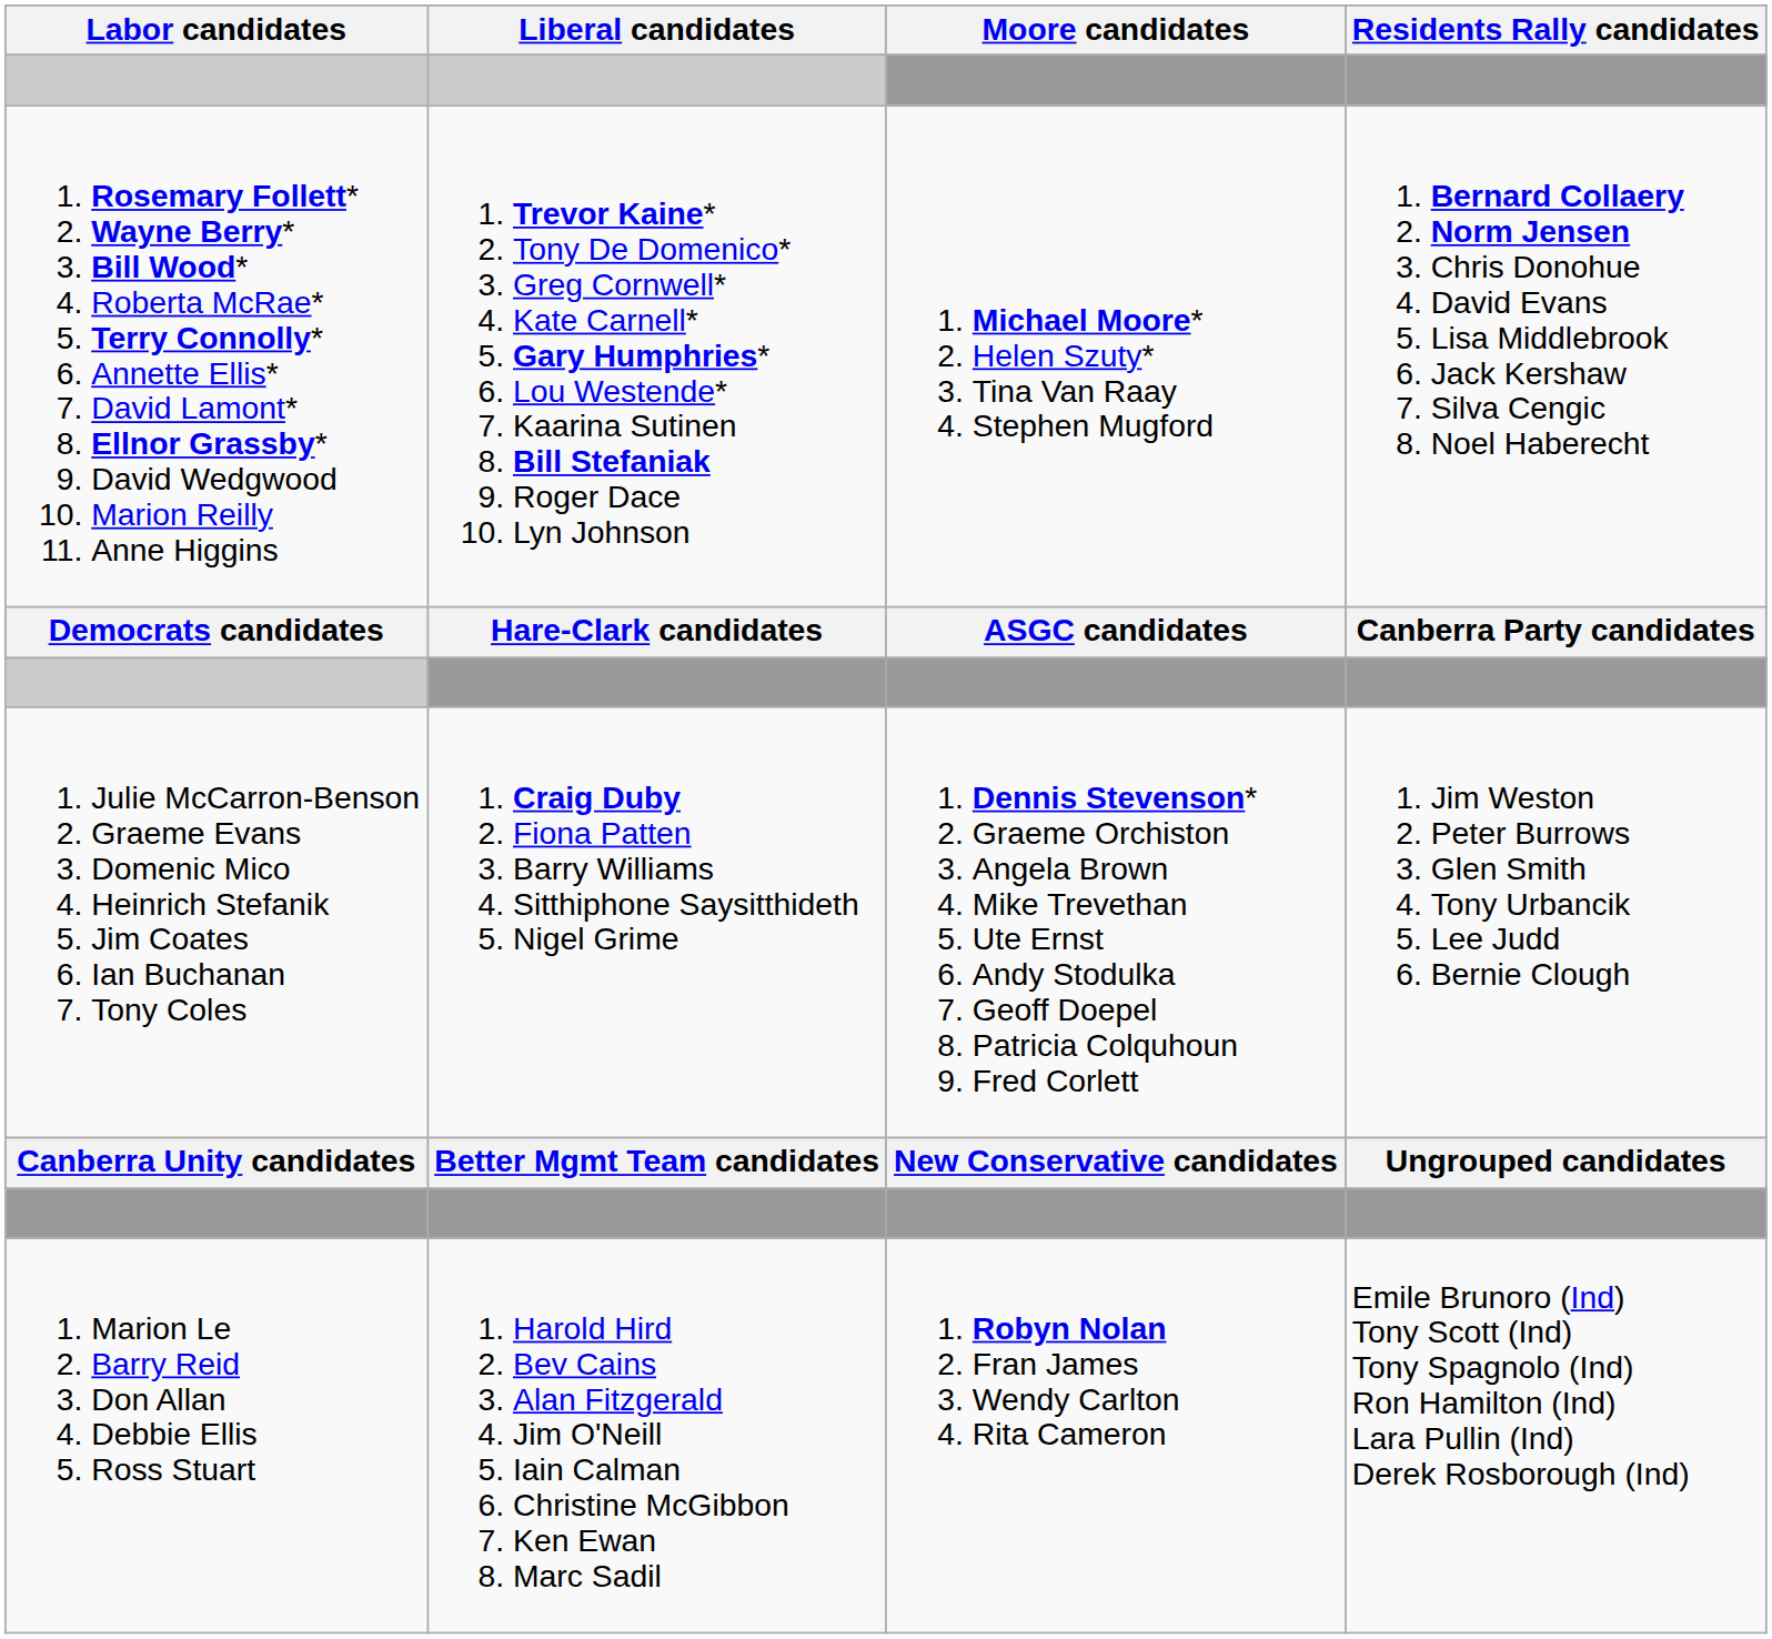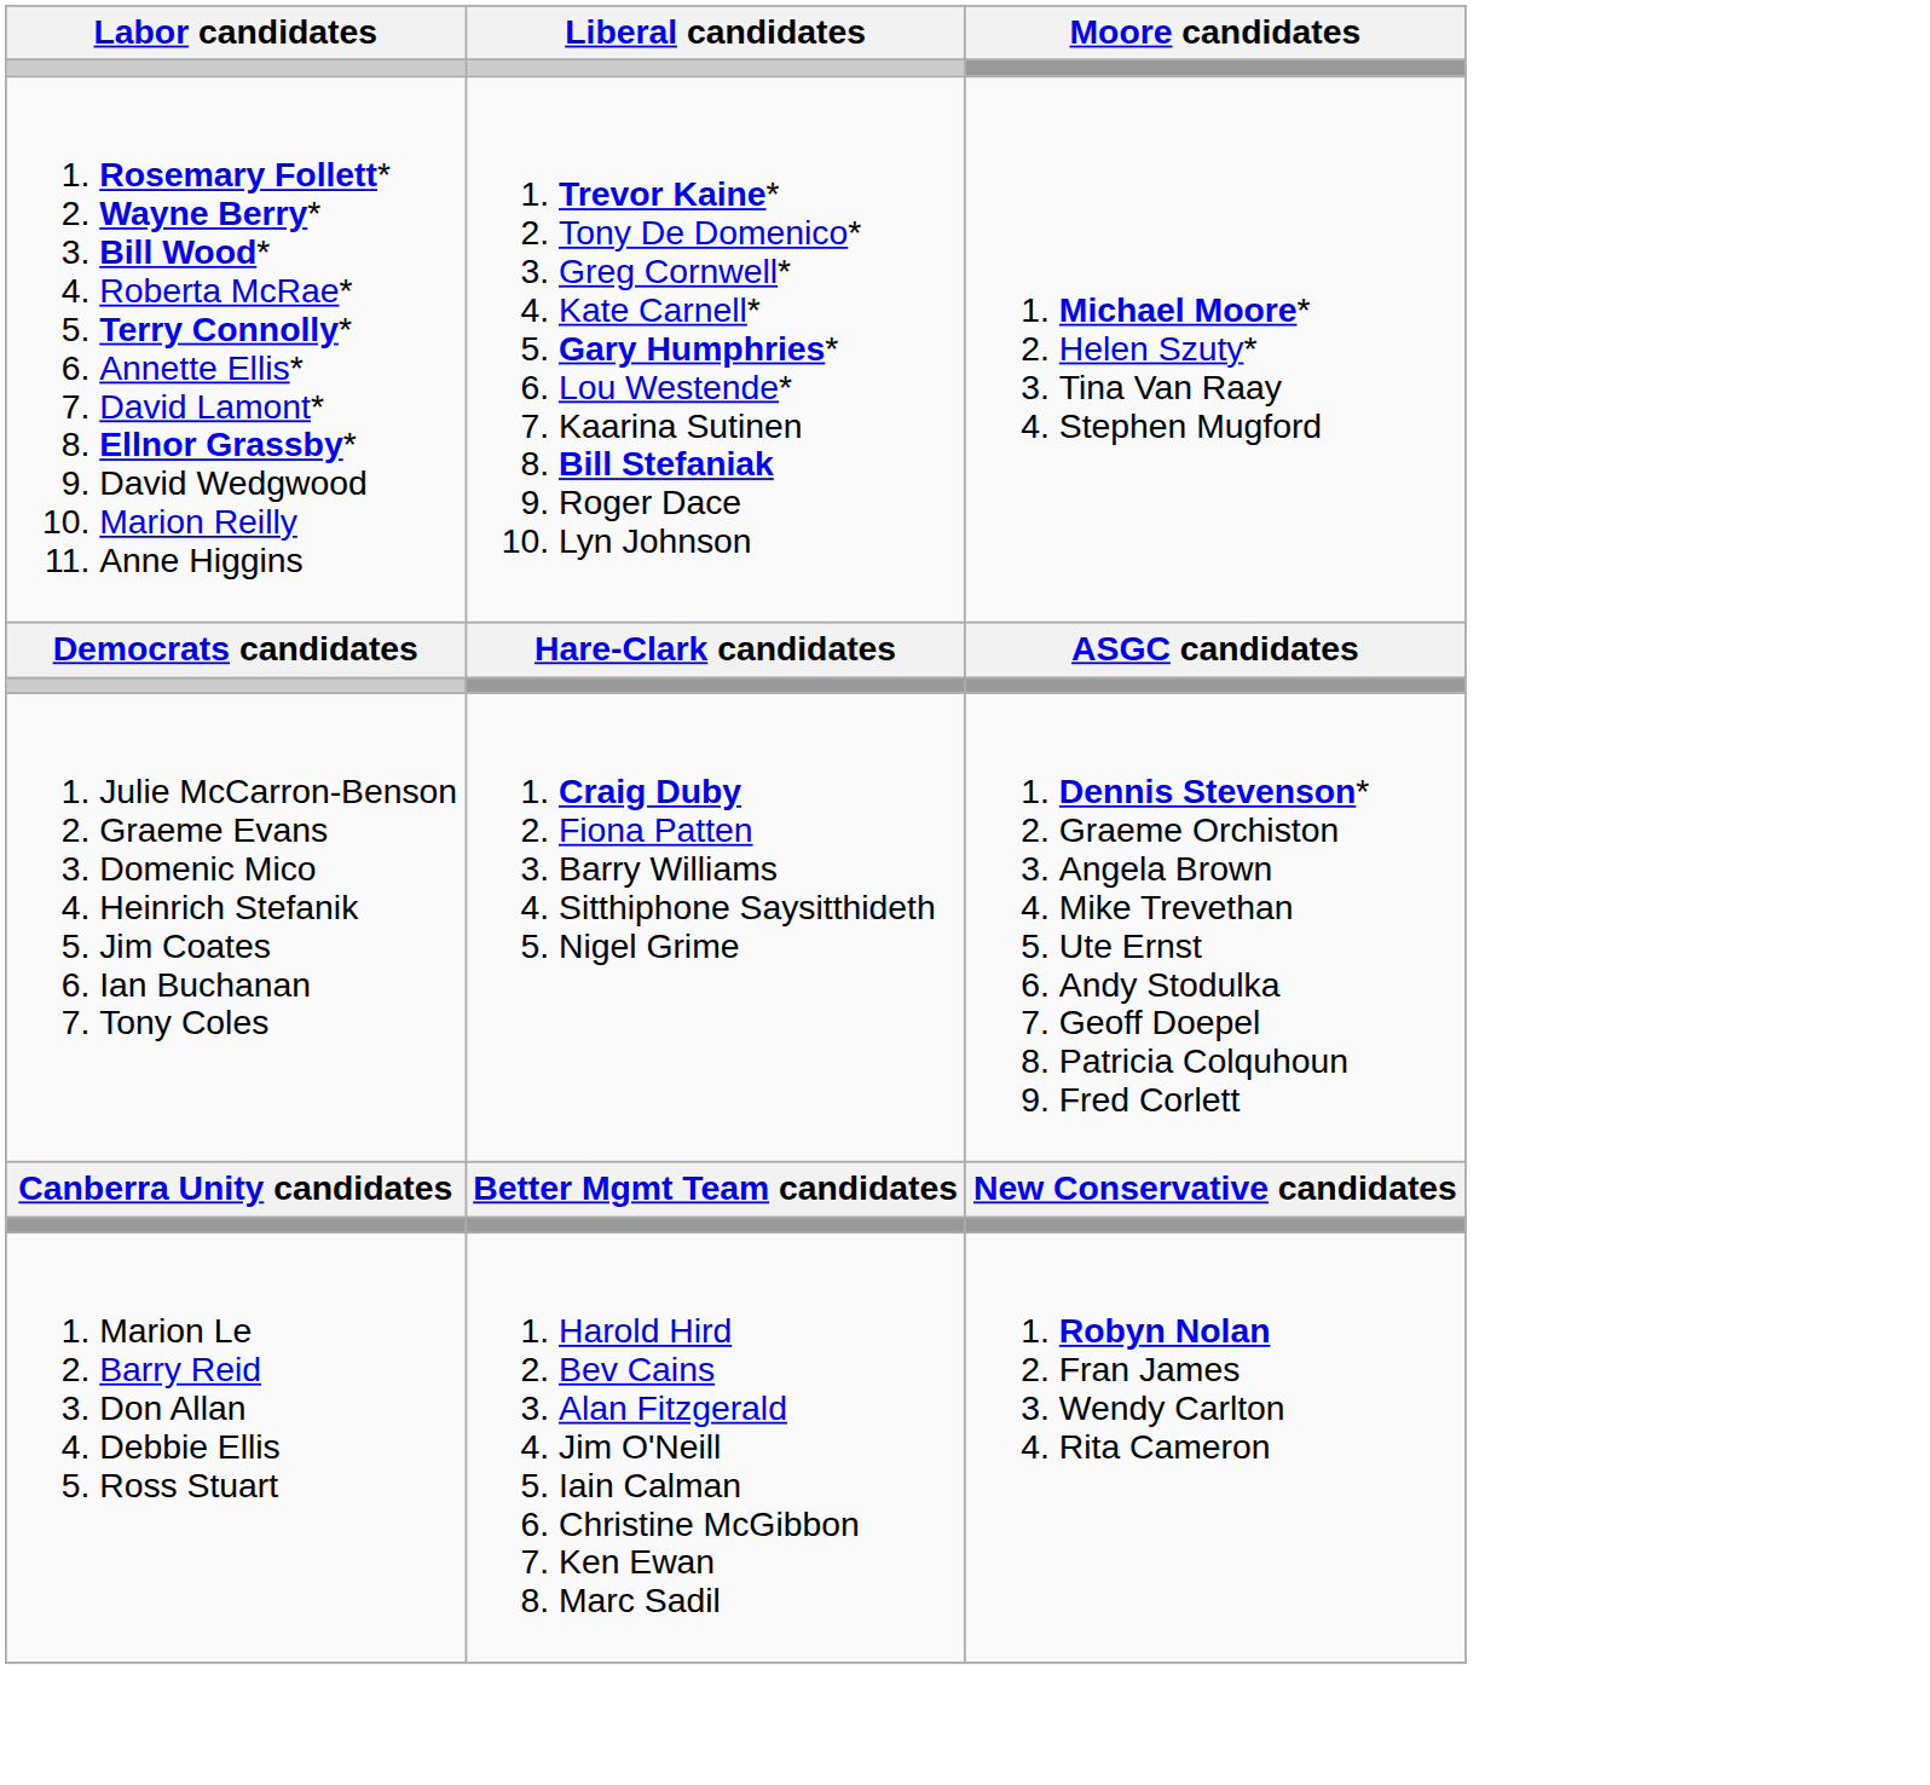 <table class="wikitable">
 <tr>
 <th><a href='#'>Labor</a> candidates</th>
 <th><a href='#'>Liberal</a> candidates</th>
 <th><a href='#'>Moore</a> candidates</th>
-<th><a href='#'>Residents Rally</a> candidates</th>
 </tr>
 <tr bgcolor="#cccccc">
 <td></td>
 <td></td>
 <td bgcolor="#999999"></td>
-<td bgcolor="#999999"> </td>
 </tr>
 <tr>
 <td><br><ol><li><strong><a href='#'>Rosemary Follett</a></strong>*</li><li><strong><a href='#'>Wayne Berry</a></strong>*</li><li><strong><a href='#'>Bill Wood</a></strong>*</li><li><a href='#'>Roberta McRae</a>*</li><li><strong><a href='#'>Terry Connolly</a></strong>*</li><li><a href='#'>Annette Ellis</a>*</li><li><a href='#'>David Lamont</a>*</li><li><strong><a href='#'>Ellnor Grassby</a></strong>*</li><li>David Wedgwood</li><li><a href='#'>Marion Reilly</a></li><li>Anne Higgins</li></ol></td>
 <td><br><ol><li><strong><a href='#'>Trevor Kaine</a></strong>*</li><li><a href='#'>Tony De Domenico</a>*</li><li><a href='#'>Greg Cornwell</a>*</li><li><a href='#'>Kate Carnell</a>*</li><li><strong><a href='#'>Gary Humphries</a></strong>*</li><li><a href='#'>Lou Westende</a>*</li><li>Kaarina Sutinen</li><li><strong><a href='#'>Bill Stefaniak</a></strong></li><li>Roger Dace</li><li>Lyn Johnson</li></ol></td>
 <td><br><ol><li><strong><a href='#'>Michael Moore</a></strong>*</li><li><a href='#'>Helen Szuty</a>*</li><li>Tina Van Raay</li><li>Stephen Mugford</li></ol></td>
-<td valign=top><br><ol><li><strong><a href='#'>Bernard Collaery</a></strong></li><li><strong><a href='#'>Norm Jensen</a></strong></li><li>Chris Donohue</li><li>David Evans</li><li>Lisa Middlebrook</li><li>Jack Kershaw</li><li>Silva Cengic</li><li>Noel Haberecht</li></ol></td>
 </tr>
 <tr bgcolor="#cccccc">
 <th><a href='#'>Democrats</a> candidates</th>
 <th><a href='#'>Hare-Clark</a> candidates</th>
 <th><a href='#'>ASGC</a> candidates</th>
-<th>Canberra Party candidates</th>
 </tr>
 <tr bgcolor="#cccccc">
 <td></td>
 <td bgcolor="#999999"></td>
 <td bgcolor="#999999"></td>
-<td bgcolor="#999999"> </td>
 </tr>
 <tr>
 <td valign=top><br><ol><li>Julie McCarron-Benson</li><li>Graeme Evans</li><li>Domenic Mico</li><li>Heinrich Stefanik</li><li>Jim Coates</li><li>Ian Buchanan</li><li>Tony Coles</li></ol></td>
 <td valign=top><br><ol><li><strong><a href='#'>Craig Duby</a></strong></li><li><a href='#'>Fiona Patten</a></li><li>Barry Williams</li><li>Sitthiphone Saysitthideth</li><li>Nigel Grime</li></ol></td>
 <td><br><ol><li><strong><a href='#'>Dennis Stevenson</a></strong>*</li><li>Graeme Orchiston</li><li>Angela Brown</li><li>Mike Trevethan</li><li>Ute Ernst</li><li>Andy Stodulka</li><li>Geoff Doepel</li><li>Patricia Colquhoun</li><li>Fred Corlett</li></ol></td>
-<td valign=top><br><ol><li>Jim Weston</li><li>Peter Burrows</li><li>Glen Smith</li><li>Tony Urbancik</li><li>Lee Judd</li><li>Bernie Clough</li></ol></td>
 </tr>
 <tr bgcolor="#cccccc">
 <th><a href='#'>Canberra Unity</a> candidates</th>
 <th><a href='#'>Better Mgmt Team</a> candidates</th>
 <th><a href='#'>New Conservative</a> candidates</th>
-<th>Ungrouped candidates</th>
 </tr>
 <tr bgcolor="#cccccc">
 <td bgcolor="#999999"></td>
 <td bgcolor="#999999"></td>
 <td bgcolor="#999999"></td>
-<td bgcolor="#999999"> </td>
 </tr>
 <tr>
 <td valign=top><br><ol><li>Marion Le</li><li><a href='#'>Barry Reid</a></li><li>Don Allan</li><li>Debbie Ellis</li><li>Ross Stuart</li></ol></td>
 <td valign=top><br><ol><li><a href='#'>Harold Hird</a></li><li><a href='#'>Bev Cains</a></li><li><a href='#'>Alan Fitzgerald</a></li><li>Jim O'Neill</li><li>Iain Calman</li><li>Christine McGibbon</li><li>Ken Ewan</li><li>Marc Sadil</li></ol></td>
 <td valign=top><br><ol><li><strong><a href='#'>Robyn Nolan</a></strong></li><li>Fran James</li><li>Wendy Carlton</li><li>Rita Cameron</li></ol></td>
-<td valign=top><br>Emile Brunoro (<a href='#'>Ind</a>) <br> Tony Scott (Ind) <br> Tony Spagnolo (Ind) <br> Ron Hamilton (Ind) <br> Lara Pullin (Ind) <br> Derek Rosborough (Ind)</td>
 </tr>
 </table>
